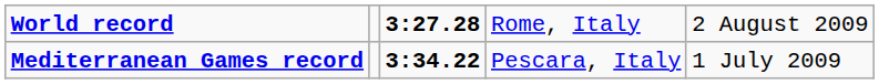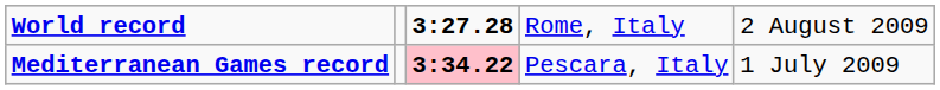 <table class="wikitable">
 <tr>
 <td><strong><a href='#'>World record</a></strong></td>
 <td></td>
 <td><strong>3:27.28</strong></td>
 <td><a href='#'>Rome</a>, <a href='#'>Italy</a></td>
 <td>2 August 2009</td>
 </tr>
 <tr>
 <td><strong><a href='#'>Mediterranean Games record</a></strong></td>
 <td></td>
-<td><strong>3:34.22</strong></td>
+<td style="background: pink;"><strong>3:34.22</strong></td>
 <td><a href='#'>Pescara</a>, <a href='#'>Italy</a></td>
 <td>1 July 2009</td>
 </tr>
 </table>
